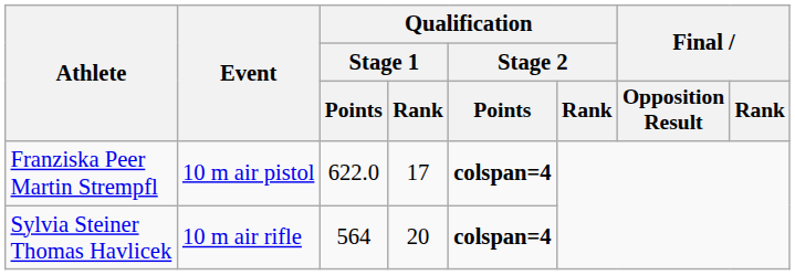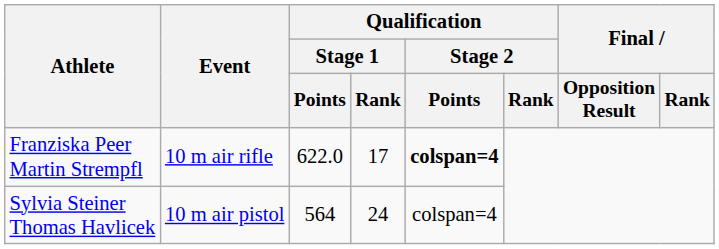 <table class="wikitable" style="text-align:center; font-size:90%">
 <tr>
 <th rowspan=3>Athlete</th>
 <th rowspan=3>Event</th>
 <th colspan=4>Qualification</th>
 <th colspan=2 rowspan=2>Final / </th>
 </tr>
 <tr>
 <th colspan="2">Stage 1</th>
 <th colspan="2">Stage 2</th>
 </tr>
 <tr style="font-size:95%">
 <th>Points</th>
 <th>Rank</th>
 <th>Points</th>
 <th>Rank</th>
 <th>Opposition<br>Result</th>
 <th>Rank</th>
 </tr>
 <tr>
 <td align=left><a href='#'>Franziska Peer</a><br><a href='#'>Martin Strempfl</a></td>
-<td align=left><a href='#'>10 m air pistol</a></td>
+<td align=left><a href='#'>10 m air rifle</a></td>
 <td>622.0</td>
 <td>17</td>
 <td><strong>colspan=4 </strong></td>
 </tr>
 <tr>
 <td align=left><a href='#'>Sylvia Steiner</a><br><a href='#'>Thomas Havlicek</a></td>
-<td align=left><a href='#'>10 m air rifle</a></td>
+<td align=left><a href='#'>10 m air pistol</a></td>
 <td>564</td>
-<td>20</td>
-<td><strong>colspan=4 </strong></td>
+<td>24</td>
+<td>colspan=4 </td>
 </tr>
 </table>
